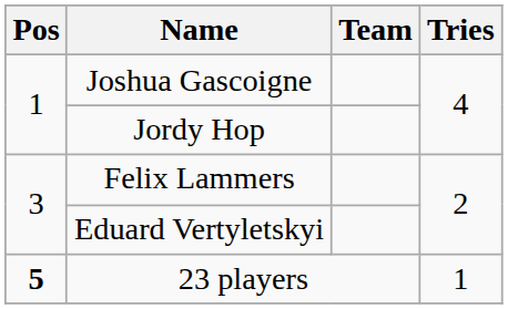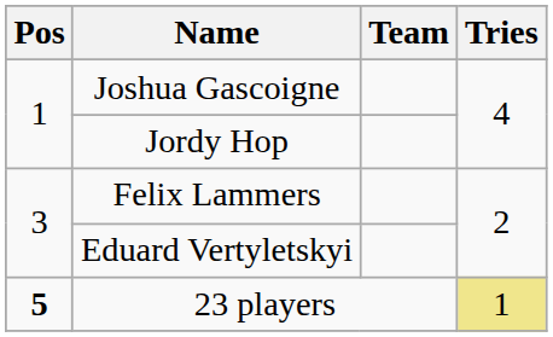 <table class="wikitable" style="text-align:center">
 <tr>
 <th>Pos</th>
 <th>Name</th>
 <th>Team</th>
 <th>Tries</th>
 </tr>
 <tr>
 <td rowspan=2>1</td>
 <td>Joshua Gascoigne</td>
 <td></td>
 <td rowspan=2>4</td>
 </tr>
 <tr>
 <td>Jordy Hop</td>
 <td></td>
 </tr>
 <tr>
 <td rowspan=2>3</td>
 <td>Felix Lammers</td>
 <td></td>
 <td rowspan=2>2</td>
 </tr>
 <tr>
 <td>Eduard Vertyletskyi</td>
 <td></td>
 </tr>
 <tr>
 <td><strong>5</strong></td>
 <td colspan=2>23 players</td>
-<td>1</td>
+<td style="background: khaki;">1</td>
 </tr>
 </table>
